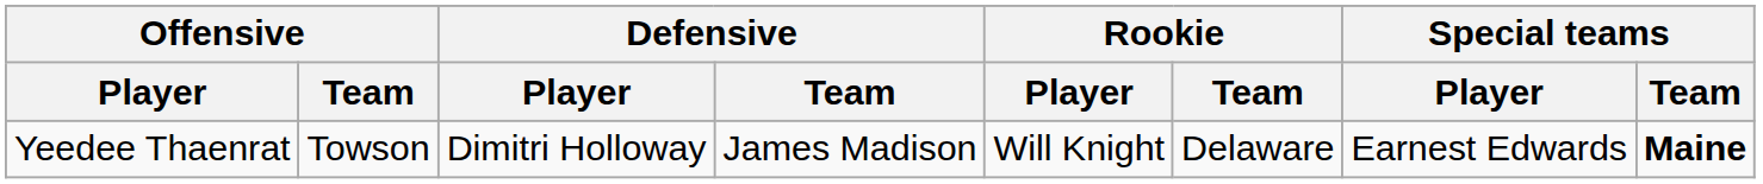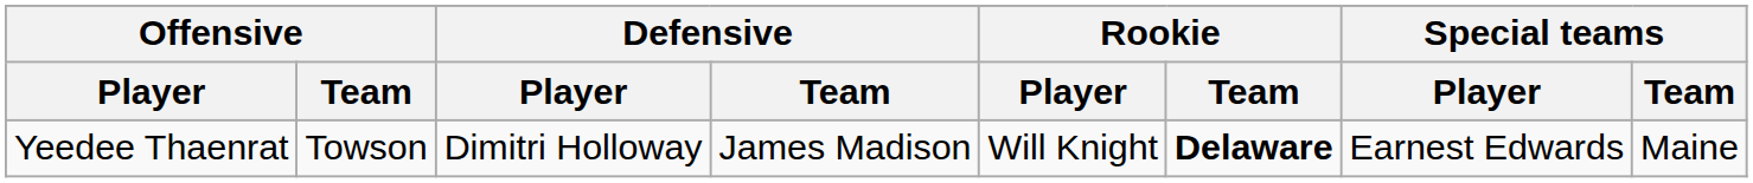 <table class="wikitable" border="1">
 <tr>
 <th colspan="2">Offensive</th>
 <th colspan="2">Defensive</th>
 <th colspan="2">Rookie</th>
 <th colspan="2">Special teams</th>
 </tr>
 <tr>
 <th>Player</th>
 <th>Team</th>
 <th>Player</th>
 <th>Team</th>
 <th>Player</th>
 <th>Team</th>
 <th>Player</th>
 <th>Team</th>
 </tr>
 <tr>
 <td>Yeedee Thaenrat</td>
 <td>Towson</td>
 <td>Dimitri Holloway</td>
 <td>James Madison</td>
 <td>Will Knight</td>
-<td>Delaware</td>
+<td><strong>Delaware</strong></td>
 <td>Earnest Edwards</td>
-<td><strong>Maine</strong></td>
+<td>Maine</td>
 </tr>
 </table>
